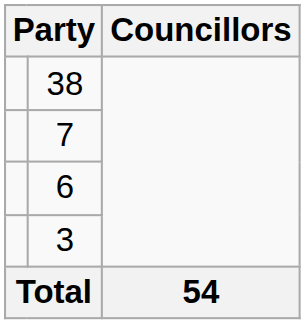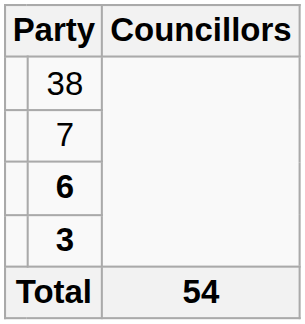 <table class="wikitable">
 <tr>
 <th colspan=2>Party</th>
 <th>Councillors</th>
 </tr>
 <tr>
 <td></td>
 <td align=center>38</td>
 </tr>
 <tr>
 <td></td>
 <td align=center>7</td>
 </tr>
 <tr>
 <td></td>
-<td align=center>6</td>
+<td align=center><strong>6</strong></td>
 </tr>
 <tr>
 <td></td>
-<td align=center>3</td>
+<td align=center><strong>3</strong></td>
 </tr>
 <tr>
 <th colspan=2>Total</th>
 <th align=center>54</th>
 </tr>
 </table>
